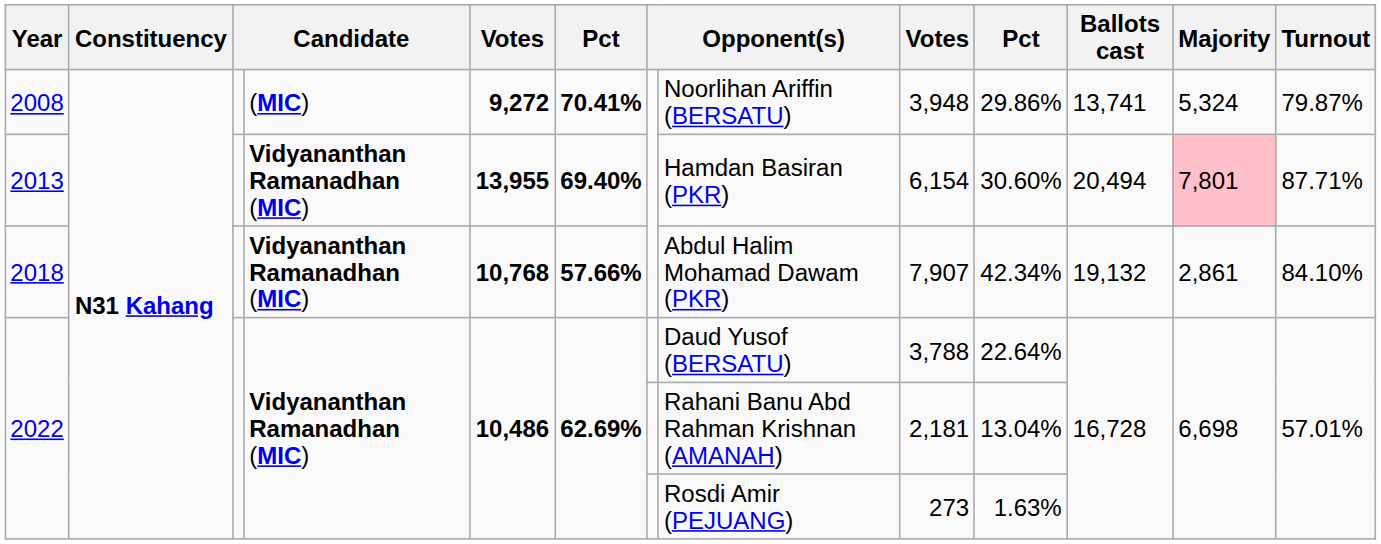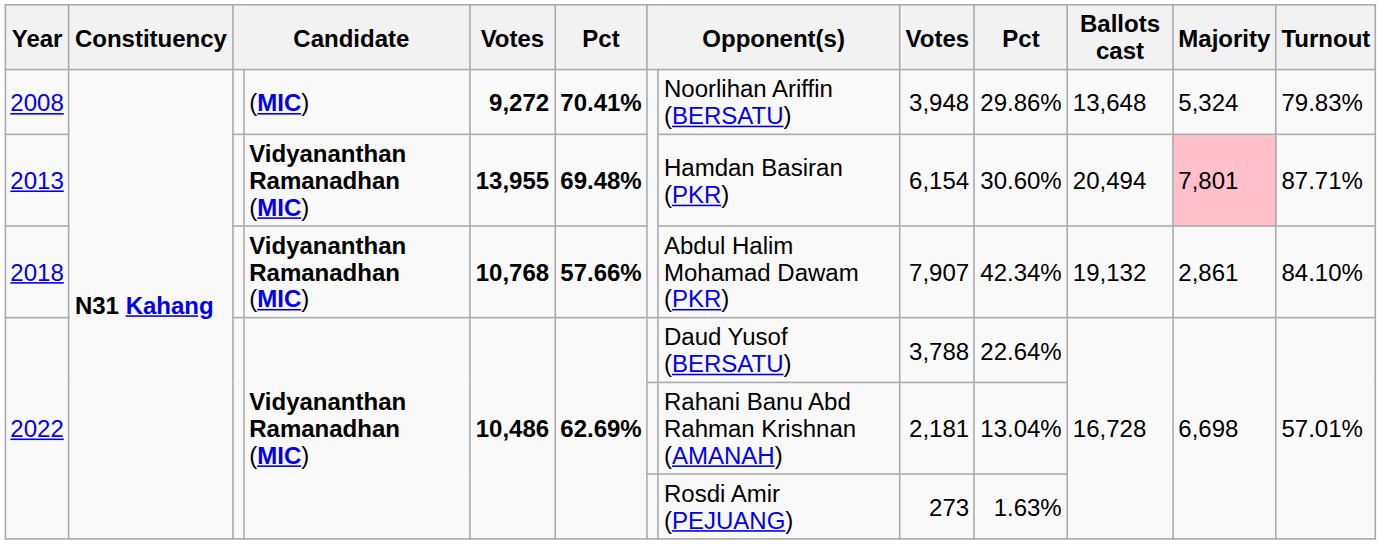 <table class="wikitable" style="margin:0.5em ; font-size:95%">
 <tr>
 <th>Year</th>
 <th>Constituency</th>
 <th colspan=2>Candidate</th>
 <th>Votes</th>
 <th>Pct</th>
 <th colspan=2>Opponent(s)</th>
 <th>Votes</th>
 <th>Pct</th>
 <th>Ballots cast</th>
 <th>Majority</th>
 <th>Turnout</th>
 </tr>
 <tr>
 <td><a href='#'>2008</a></td>
 <td rowspan="6"><strong>N31 <a href='#'>Kahang</a></strong></td>
 <td></td>
 <td> (<a href='#'><strong>MIC</strong></a>)</td>
 <td align="right"><strong>9,272</strong></td>
 <td><strong>70.41%</strong></td>
 <td rowspan="3" ></td>
 <td>Noorlihan Ariffin (<a href='#'>BERSATU</a>)</td>
 <td align="right">3,948</td>
 <td>29.86%</td>
-<td>13,741</td>
+<td>13,648</td>
 <td>5,324</td>
-<td>79.87%</td>
+<td>79.83%</td>
 </tr>
 <tr>
 <td><a href='#'>2013</a></td>
 <td></td>
 <td><strong>Vidyananthan Ramanadhan</strong> (<a href='#'><strong>MIC</strong></a>)</td>
 <td align="right"><strong>13,955</strong></td>
-<td><strong>69.40%</strong></td>
+<td><strong>69.48%</strong></td>
 <td>Hamdan Basiran (<a href='#'>PKR</a>)</td>
 <td align="right">6,154</td>
 <td>30.60%</td>
 <td>20,494</td>
 <td style="background: pink;">7,801</td>
 <td>87.71%</td>
 </tr>
 <tr>
 <td><a href='#'>2018</a></td>
 <td></td>
 <td><strong>Vidyananthan Ramanadhan</strong> (<a href='#'><strong>MIC</strong></a>)</td>
 <td align="right"><strong>10,768</strong></td>
 <td><strong>57.66%</strong></td>
 <td>Abdul Halim Mohamad Dawam (<a href='#'>PKR</a>)</td>
 <td align="right">7,907</td>
 <td>42.34%</td>
 <td>19,132</td>
 <td>2,861</td>
 <td>84.10%</td>
 </tr>
 <tr>
 <td rowspan="3"><a href='#'>2022</a></td>
 <td rowspan=3 ></td>
 <td rowspan="3"><strong>Vidyananthan Ramanadhan</strong> (<a href='#'><strong>MIC</strong></a>)</td>
 <td rowspan="3" align="right"><strong>10,486</strong></td>
 <td rowspan="3"><strong>62.69%</strong></td>
 <td></td>
 <td>Daud Yusof (<a href='#'>BERSATU</a>)</td>
 <td align="right">3,788</td>
 <td>22.64%</td>
 <td rowspan="3">16,728</td>
 <td rowspan="3">6,698</td>
 <td rowspan="3">57.01%</td>
 </tr>
 <tr>
 <td></td>
 <td>Rahani Banu Abd Rahman Krishnan (<a href='#'>AMANAH</a>)</td>
 <td align="right">2,181</td>
 <td>13.04%</td>
 </tr>
 <tr>
 <td></td>
 <td>Rosdi Amir (<a href='#'>PEJUANG</a>)</td>
 <td align="right">273</td>
 <td align="right">1.63%</td>
 </tr>
 </table>
